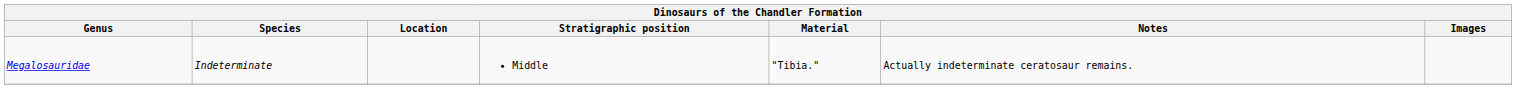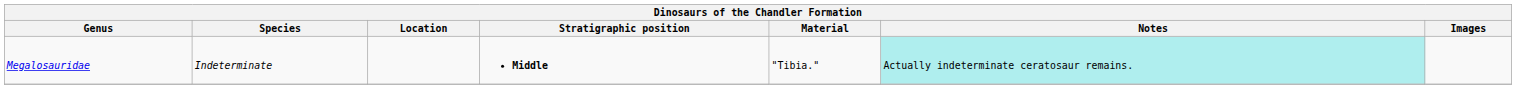 <table class="wikitable" align="center" width="100%">
 <tr>
 <th colspan="7" align="center"><strong>Dinosaurs of the Chandler Formation </strong></th>
 </tr>
 <tr>
 <th>Genus</th>
 <th>Species</th>
 <th>Location</th>
 <th>Stratigraphic position</th>
 <th>Material</th>
 <th>Notes</th>
 <th>Images</th>
 </tr>
 <tr>
 <td><br><em><a href='#'>Megalosauridae</a></em></td>
 <td><br><em>Indeterminate</em></td>
 <td></td>
-<td><br><ul><li>Middle</li></ul></td>
+<td><strong><br><ul><li>Middle</li></ul></strong></td>
 <td><br>"Tibia."</td>
-<td><br>Actually indeterminate ceratosaur remains.</td>
+<td style="background: paleturquoise;"><br>Actually indeterminate ceratosaur remains.</td>
 <td></td>
 </tr>
 <tr>
 </tr>
 </table>
